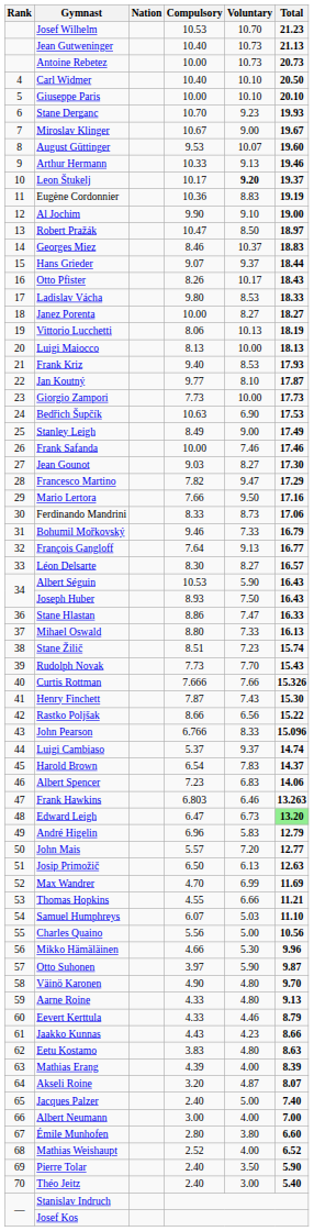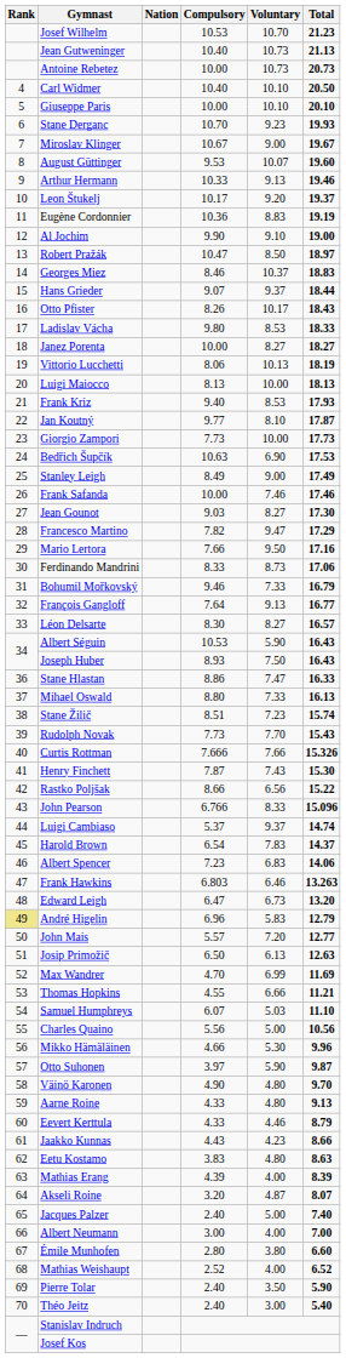 <table class="wikitable sortable" style="text-align:center">
 <tr>
 <th>Rank</th>
 <th>Gymnast</th>
 <th>Nation</th>
 <th>Compulsory</th>
 <th>Voluntary</th>
 <th>Total</th>
 </tr>
 <tr>
 <td></td>
 <td align=left><a href='#'>Josef Wilhelm</a></td>
 <td align=left></td>
 <td>10.53</td>
 <td>10.70</td>
 <td><strong>21.23</strong></td>
 </tr>
 <tr>
 <td></td>
 <td align=left><a href='#'>Jean Gutweninger</a></td>
 <td align=left></td>
 <td>10.40</td>
 <td>10.73</td>
 <td><strong>21.13</strong></td>
 </tr>
 <tr>
 <td></td>
 <td align=left><a href='#'>Antoine Rebetez</a></td>
 <td align=left></td>
 <td>10.00</td>
 <td>10.73</td>
 <td><strong>20.73</strong></td>
 </tr>
 <tr>
 <td>4</td>
 <td align=left><a href='#'>Carl Widmer</a></td>
 <td align=left></td>
 <td>10.40</td>
 <td>10.10</td>
 <td><strong>20.50</strong></td>
 </tr>
 <tr>
 <td>5</td>
 <td align=left><a href='#'>Giuseppe Paris</a></td>
 <td align=left></td>
 <td>10.00</td>
 <td>10.10</td>
 <td><strong>20.10</strong></td>
 </tr>
 <tr>
 <td>6</td>
 <td align=left><a href='#'>Stane Derganc</a></td>
 <td align=left></td>
 <td>10.70</td>
 <td>9.23</td>
 <td><strong>19.93</strong></td>
 </tr>
 <tr>
 <td>7</td>
 <td align=left><a href='#'>Miroslav Klinger</a></td>
 <td align=left></td>
 <td>10.67</td>
 <td>9.00</td>
 <td><strong>19.67</strong></td>
 </tr>
 <tr>
 <td>8</td>
 <td align=left><a href='#'>August Güttinger</a></td>
 <td align=left></td>
 <td>9.53</td>
 <td>10.07</td>
 <td><strong>19.60</strong></td>
 </tr>
 <tr>
 <td>9</td>
 <td align=left><a href='#'>Arthur Hermann</a></td>
 <td align=left></td>
 <td>10.33</td>
 <td>9.13</td>
 <td><strong>19.46</strong></td>
 </tr>
 <tr>
 <td>10</td>
 <td align=left><a href='#'>Leon Štukelj</a></td>
 <td align=left></td>
 <td>10.17</td>
-<td><strong>9.20</strong></td>
+<td>9.20</td>
 <td><strong>19.37</strong></td>
 </tr>
 <tr>
 <td>11</td>
 <td align=left>Eugène Cordonnier</td>
 <td align=left></td>
 <td>10.36</td>
 <td>8.83</td>
 <td><strong>19.19</strong></td>
 </tr>
 <tr>
 <td>12</td>
 <td align=left><a href='#'>Al Jochim</a></td>
 <td align=left></td>
 <td>9.90</td>
 <td>9.10</td>
 <td><strong>19.00</strong></td>
 </tr>
 <tr>
 <td>13</td>
 <td align=left><a href='#'>Robert Pražák</a></td>
 <td align=left></td>
 <td>10.47</td>
 <td>8.50</td>
 <td><strong>18.97</strong></td>
 </tr>
 <tr>
 <td>14</td>
 <td align=left><a href='#'>Georges Miez</a></td>
 <td align=left></td>
 <td>8.46</td>
 <td>10.37</td>
 <td><strong>18.83</strong></td>
 </tr>
 <tr>
 <td>15</td>
 <td align=left><a href='#'>Hans Grieder</a></td>
 <td align=left></td>
 <td>9.07</td>
 <td>9.37</td>
 <td><strong>18.44</strong></td>
 </tr>
 <tr>
 <td>16</td>
 <td align=left><a href='#'>Otto Pfister</a></td>
 <td align=left></td>
 <td>8.26</td>
 <td>10.17</td>
 <td><strong>18.43</strong></td>
 </tr>
 <tr>
 <td>17</td>
 <td align=left><a href='#'>Ladislav Vácha</a></td>
 <td align=left></td>
 <td>9.80</td>
 <td>8.53</td>
 <td><strong>18.33</strong></td>
 </tr>
 <tr>
 <td>18</td>
 <td align=left><a href='#'>Janez Porenta</a></td>
 <td align=left></td>
 <td>10.00</td>
 <td>8.27</td>
 <td><strong>18.27</strong></td>
 </tr>
 <tr>
 <td>19</td>
 <td align=left><a href='#'>Vittorio Lucchetti</a></td>
 <td align=left></td>
 <td>8.06</td>
 <td>10.13</td>
 <td><strong>18.19</strong></td>
 </tr>
 <tr>
 <td>20</td>
 <td align=left><a href='#'>Luigi Maiocco</a></td>
 <td align=left></td>
 <td>8.13</td>
 <td>10.00</td>
 <td><strong>18.13</strong></td>
 </tr>
 <tr>
 <td>21</td>
 <td align=left><a href='#'>Frank Kriz</a></td>
 <td align=left></td>
 <td>9.40</td>
 <td>8.53</td>
 <td><strong>17.93</strong></td>
 </tr>
 <tr>
 <td>22</td>
 <td align=left><a href='#'>Jan Koutný</a></td>
 <td align=left></td>
 <td>9.77</td>
 <td>8.10</td>
 <td><strong>17.87</strong></td>
 </tr>
 <tr>
 <td>23</td>
 <td align=left><a href='#'>Giorgio Zampori</a></td>
 <td align=left></td>
 <td>7.73</td>
 <td>10.00</td>
 <td><strong>17.73</strong></td>
 </tr>
 <tr>
 <td>24</td>
 <td align=left><a href='#'>Bedřich Šupčík</a></td>
 <td align=left></td>
 <td>10.63</td>
 <td>6.90</td>
 <td><strong>17.53</strong></td>
 </tr>
 <tr>
 <td>25</td>
 <td align=left><a href='#'>Stanley Leigh</a></td>
 <td align=left></td>
 <td>8.49</td>
 <td>9.00</td>
 <td><strong>17.49</strong></td>
 </tr>
 <tr>
 <td>26</td>
 <td align=left><a href='#'>Frank Safanda</a></td>
 <td align=left></td>
 <td>10.00</td>
 <td>7.46</td>
 <td><strong>17.46</strong></td>
 </tr>
 <tr>
 <td>27</td>
 <td align=left><a href='#'>Jean Gounot</a></td>
 <td align=left></td>
 <td>9.03</td>
 <td>8.27</td>
 <td><strong>17.30</strong></td>
 </tr>
 <tr>
 <td>28</td>
 <td align=left><a href='#'>Francesco Martino</a></td>
 <td align=left></td>
 <td>7.82</td>
 <td>9.47</td>
 <td><strong>17.29</strong></td>
 </tr>
 <tr>
 <td>29</td>
 <td align=left><a href='#'>Mario Lertora</a></td>
 <td align=left></td>
 <td>7.66</td>
 <td>9.50</td>
 <td><strong>17.16</strong></td>
 </tr>
 <tr>
 <td>30</td>
 <td align=left>Ferdinando Mandrini</td>
 <td align=left></td>
 <td>8.33</td>
 <td>8.73</td>
 <td><strong>17.06</strong></td>
 </tr>
 <tr>
 <td>31</td>
 <td align=left><a href='#'>Bohumil Mořkovský</a></td>
 <td align=left></td>
 <td>9.46</td>
 <td>7.33</td>
 <td><strong>16.79</strong></td>
 </tr>
 <tr>
 <td>32</td>
 <td align=left><a href='#'>François Gangloff</a></td>
 <td align=left></td>
 <td>7.64</td>
 <td>9.13</td>
 <td><strong>16.77</strong></td>
 </tr>
 <tr>
 <td>33</td>
 <td align=left><a href='#'>Léon Delsarte</a></td>
 <td align=left></td>
 <td>8.30</td>
 <td>8.27</td>
 <td><strong>16.57</strong></td>
 </tr>
 <tr>
 <td rowspan=2>34</td>
 <td align=left><a href='#'>Albert Séguin</a></td>
 <td align=left></td>
 <td>10.53</td>
 <td>5.90</td>
 <td><strong>16.43</strong></td>
 </tr>
 <tr>
 <td align=left><a href='#'>Joseph Huber</a></td>
 <td align=left></td>
 <td>8.93</td>
 <td>7.50</td>
 <td><strong>16.43</strong></td>
 </tr>
 <tr>
 <td>36</td>
 <td align=left><a href='#'>Stane Hlastan</a></td>
 <td align=left></td>
 <td>8.86</td>
 <td>7.47</td>
 <td><strong>16.33</strong></td>
 </tr>
 <tr>
 <td>37</td>
 <td align=left><a href='#'>Mihael Oswald</a></td>
 <td align=left></td>
 <td>8.80</td>
 <td>7.33</td>
 <td><strong>16.13</strong></td>
 </tr>
 <tr>
 <td>38</td>
 <td align=left><a href='#'>Stane Žilič</a></td>
 <td align=left></td>
 <td>8.51</td>
 <td>7.23</td>
 <td><strong>15.74</strong></td>
 </tr>
 <tr>
 <td>39</td>
 <td align=left><a href='#'>Rudolph Novak</a></td>
 <td align=left></td>
 <td>7.73</td>
 <td>7.70</td>
 <td><strong>15.43</strong></td>
 </tr>
 <tr>
 <td>40</td>
 <td align=left><a href='#'>Curtis Rottman</a></td>
 <td align=left></td>
 <td>7.666</td>
 <td>7.66</td>
 <td><strong>15.326</strong></td>
 </tr>
 <tr>
 <td>41</td>
 <td align=left><a href='#'>Henry Finchett</a></td>
 <td align=left></td>
 <td>7.87</td>
 <td>7.43</td>
 <td><strong>15.30</strong></td>
 </tr>
 <tr>
 <td>42</td>
 <td align=left><a href='#'>Rastko Poljšak</a></td>
 <td align=left></td>
 <td>8.66</td>
 <td>6.56</td>
 <td><strong>15.22</strong></td>
 </tr>
 <tr>
 <td>43</td>
 <td align=left><a href='#'>John Pearson</a></td>
 <td align=left></td>
 <td>6.766</td>
 <td>8.33</td>
 <td><strong>15.096</strong></td>
 </tr>
 <tr>
 <td>44</td>
 <td align=left><a href='#'>Luigi Cambiaso</a></td>
 <td align=left></td>
 <td>5.37</td>
 <td>9.37</td>
 <td><strong>14.74</strong></td>
 </tr>
 <tr>
 <td>45</td>
 <td align=left><a href='#'>Harold Brown</a></td>
 <td align=left></td>
 <td>6.54</td>
 <td>7.83</td>
 <td><strong>14.37</strong></td>
 </tr>
 <tr>
 <td>46</td>
 <td align=left><a href='#'>Albert Spencer</a></td>
 <td align=left></td>
 <td>7.23</td>
 <td>6.83</td>
 <td><strong>14.06</strong></td>
 </tr>
 <tr>
 <td>47</td>
 <td align=left><a href='#'>Frank Hawkins</a></td>
 <td align=left></td>
 <td>6.803</td>
 <td>6.46</td>
 <td><strong>13.263</strong></td>
 </tr>
 <tr>
 <td>48</td>
 <td align=left><a href='#'>Edward Leigh</a></td>
 <td align=left></td>
 <td>6.47</td>
 <td>6.73</td>
-<td style="background: lightgreen;"><strong>13.20</strong></td>
+<td><strong>13.20</strong></td>
 </tr>
 <tr>
-<td>49</td>
+<td style="background: khaki;">49</td>
 <td align=left><a href='#'>André Higelin</a></td>
 <td align=left></td>
 <td>6.96</td>
 <td>5.83</td>
 <td><strong>12.79</strong></td>
 </tr>
 <tr>
 <td>50</td>
 <td align=left><a href='#'>John Mais</a></td>
 <td align=left></td>
 <td>5.57</td>
 <td>7.20</td>
 <td><strong>12.77</strong></td>
 </tr>
 <tr>
 <td>51</td>
 <td align=left><a href='#'>Josip Primožič</a></td>
 <td align=left></td>
 <td>6.50</td>
 <td>6.13</td>
 <td><strong>12.63</strong></td>
 </tr>
 <tr>
 <td>52</td>
 <td align=left><a href='#'>Max Wandrer</a></td>
 <td align=left></td>
 <td>4.70</td>
 <td>6.99</td>
 <td><strong>11.69</strong></td>
 </tr>
 <tr>
 <td>53</td>
 <td align=left><a href='#'>Thomas Hopkins</a></td>
 <td align=left></td>
 <td>4.55</td>
 <td>6.66</td>
 <td><strong>11.21</strong></td>
 </tr>
 <tr>
 <td>54</td>
 <td align=left><a href='#'>Samuel Humphreys</a></td>
 <td align=left></td>
 <td>6.07</td>
 <td>5.03</td>
 <td><strong>11.10</strong></td>
 </tr>
 <tr>
 <td>55</td>
 <td align=left><a href='#'>Charles Quaino</a></td>
 <td align=left></td>
 <td>5.56</td>
 <td>5.00</td>
 <td><strong>10.56</strong></td>
 </tr>
 <tr>
 <td>56</td>
 <td align=left><a href='#'>Mikko Hämäläinen</a></td>
 <td align=left></td>
 <td>4.66</td>
 <td>5.30</td>
 <td><strong>9.96</strong></td>
 </tr>
 <tr>
 <td>57</td>
 <td align=left><a href='#'>Otto Suhonen</a></td>
 <td align=left></td>
 <td>3.97</td>
 <td>5.90</td>
 <td><strong>9.87</strong></td>
 </tr>
 <tr>
 <td>58</td>
 <td align=left><a href='#'>Väinö Karonen</a></td>
 <td align=left></td>
 <td>4.90</td>
 <td>4.80</td>
 <td><strong>9.70</strong></td>
 </tr>
 <tr>
 <td>59</td>
 <td align=left><a href='#'>Aarne Roine</a></td>
 <td align=left></td>
 <td>4.33</td>
 <td>4.80</td>
 <td><strong>9.13</strong></td>
 </tr>
 <tr>
 <td>60</td>
 <td align=left><a href='#'>Eevert Kerttula</a></td>
 <td align=left></td>
 <td>4.33</td>
 <td>4.46</td>
 <td><strong>8.79</strong></td>
 </tr>
 <tr>
 <td>61</td>
 <td align=left><a href='#'>Jaakko Kunnas</a></td>
 <td align=left></td>
 <td>4.43</td>
 <td>4.23</td>
 <td><strong>8.66</strong></td>
 </tr>
 <tr>
 <td>62</td>
 <td align=left><a href='#'>Eetu Kostamo</a></td>
 <td align=left></td>
 <td>3.83</td>
 <td>4.80</td>
 <td><strong>8.63</strong></td>
 </tr>
 <tr>
 <td>63</td>
 <td align=left><a href='#'>Mathias Erang</a></td>
 <td align=left></td>
 <td>4.39</td>
 <td>4.00</td>
 <td><strong>8.39</strong></td>
 </tr>
 <tr>
 <td>64</td>
 <td align=left><a href='#'>Akseli Roine</a></td>
 <td align=left></td>
 <td>3.20</td>
 <td>4.87</td>
 <td><strong>8.07</strong></td>
 </tr>
 <tr>
 <td>65</td>
 <td align=left><a href='#'>Jacques Palzer</a></td>
 <td align=left></td>
 <td>2.40</td>
 <td>5.00</td>
 <td><strong>7.40</strong></td>
 </tr>
 <tr>
 <td>66</td>
 <td align=left><a href='#'>Albert Neumann</a></td>
 <td align=left></td>
 <td>3.00</td>
 <td>4.00</td>
 <td><strong>7.00</strong></td>
 </tr>
 <tr>
 <td>67</td>
 <td align=left><a href='#'>Émile Munhofen</a></td>
 <td align=left></td>
 <td>2.80</td>
 <td>3.80</td>
 <td><strong>6.60</strong></td>
 </tr>
 <tr>
 <td>68</td>
 <td align=left><a href='#'>Mathias Weishaupt</a></td>
 <td align=left></td>
 <td>2.52</td>
 <td>4.00</td>
 <td><strong>6.52</strong></td>
 </tr>
 <tr>
 <td>69</td>
 <td align=left><a href='#'>Pierre Tolar</a></td>
 <td align=left></td>
 <td>2.40</td>
 <td>3.50</td>
 <td><strong>5.90</strong></td>
 </tr>
 <tr>
 <td>70</td>
 <td align=left><a href='#'>Théo Jeitz</a></td>
 <td align=left></td>
 <td>2.40</td>
 <td>3.00</td>
 <td><strong>5.40</strong></td>
 </tr>
 <tr>
 <td rowspan=2 data-sort-value=71>—</td>
 <td align=left><a href='#'>Stanislav Indruch</a></td>
 <td align=left></td>
 <td colspan=3 data-sort-value=0.00></td>
 </tr>
 <tr>
 <td align=left><a href='#'>Josef Kos</a></td>
 <td align=left></td>
 <td colspan=3 data-sort-value=0.00></td>
 </tr>
 </table>
